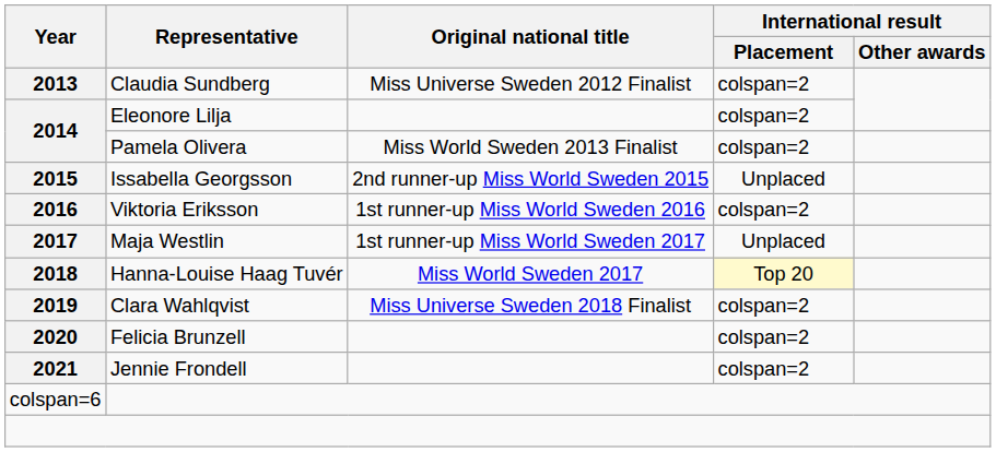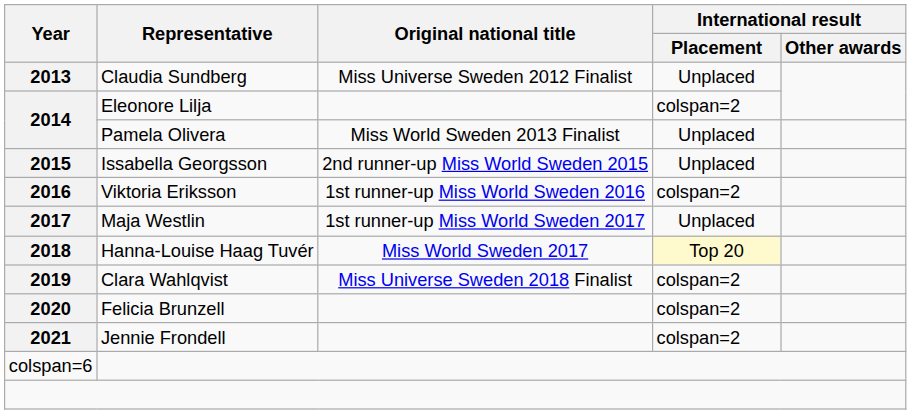 <table class="wikitable" style="font-size:95%;">
 <tr>
 <th rowspan=2>Year</th>
 <th rowspan=2>Representative</th>
 <th rowspan=2>Original national title</th>
 <th colspan=2>International result</th>
 </tr>
 <tr>
 <th width=100px>Placement</th>
 <th>Other awards</th>
 </tr>
 <tr>
 <th>2013</th>
 <td>Claudia Sundberg</td>
 <td align=center>Miss Universe Sweden 2012 Finalist</td>
-<td>colspan=2 </td>
+<td align=center>Unplaced</td>
 </tr>
 <tr>
 <th rowspan=2>2014</th>
 <td>Eleonore Lilja</td>
 <td align=center></td>
 <td>colspan=2 </td>
 </tr>
 <tr>
 <td>Pamela Olivera</td>
 <td align=center>Miss World Sweden 2013 Finalist</td>
-<td>colspan=2 </td>
+<td align=center>Unplaced</td>
 <td></td>
 </tr>
 <tr>
 <th>2015</th>
 <td>Issabella Georgsson</td>
 <td align=center>2nd runner-up <a href='#'>Miss World Sweden 2015</a></td>
 <td align=center>Unplaced</td>
 <td></td>
 </tr>
 <tr>
 <th>2016</th>
 <td>Viktoria Eriksson</td>
 <td align=center>1st runner-up <a href='#'>Miss World Sweden 2016</a></td>
 <td>colspan=2 </td>
 </tr>
 <tr>
 <th>2017</th>
 <td>Maja Westlin</td>
 <td align=center>1st runner-up <a href='#'>Miss World Sweden 2017</a></td>
 <td align=center>Unplaced</td>
 <td></td>
 </tr>
 <tr>
 <th>2018</th>
 <td>Hanna-Louise Haag Tuvér</td>
 <td align=center><a href='#'>Miss World Sweden 2017</a></td>
 <td bgcolor=#FFFACD align=center>Top 20</td>
 <td></td>
 </tr>
 <tr>
 <th>2019</th>
 <td>Clara Wahlqvist</td>
 <td align=center><a href='#'>Miss Universe Sweden 2018</a> Finalist</td>
 <td>colspan=2 </td>
 <td></td>
 </tr>
 <tr>
 <th>2020</th>
 <td>Felicia Brunzell</td>
 <td></td>
 <td>colspan=2 </td>
 <td></td>
 </tr>
 <tr>
 <th>2021</th>
 <td>Jennie Frondell</td>
 <td></td>
 <td>colspan=2 </td>
 <td></td>
 </tr>
 <tr>
 <td>colspan=6 </td>
 </tr>
 <tr>
 <td colspan="6"><br></td>
 </tr>
 </table>
